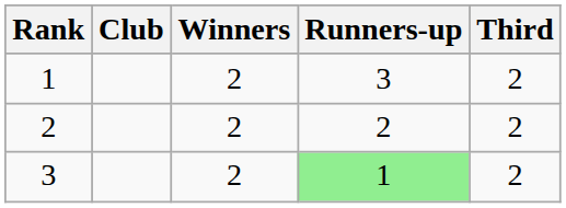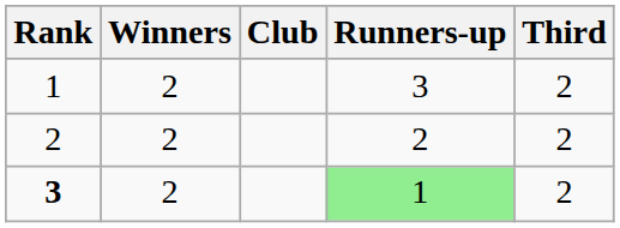 <table class="wikitable sortable" style="text-align:center">
 <tr>
 <th>Rank</th>
+<th>Winners</th>
 <th>Club</th>
-<th>Winners</th>
 <th>Runners-up</th>
 <th>Third</th>
 </tr>
 <tr>
 <td>1</td>
+<td>2</td>
 <td align=left></td>
-<td>2</td>
 <td>3</td>
 <td>2</td>
 </tr>
 <tr>
 <td>2</td>
+<td>2</td>
 <td align=left></td>
-<td>2</td>
 <td>2</td>
 <td>2</td>
 </tr>
 <tr>
-<td>3</td>
+<td><strong>3</strong></td>
+<td>2</td>
 <td align=left></td>
-<td>2</td>
 <td style="background: lightgreen;">1</td>
 <td>2</td>
 </tr>
 </table>
